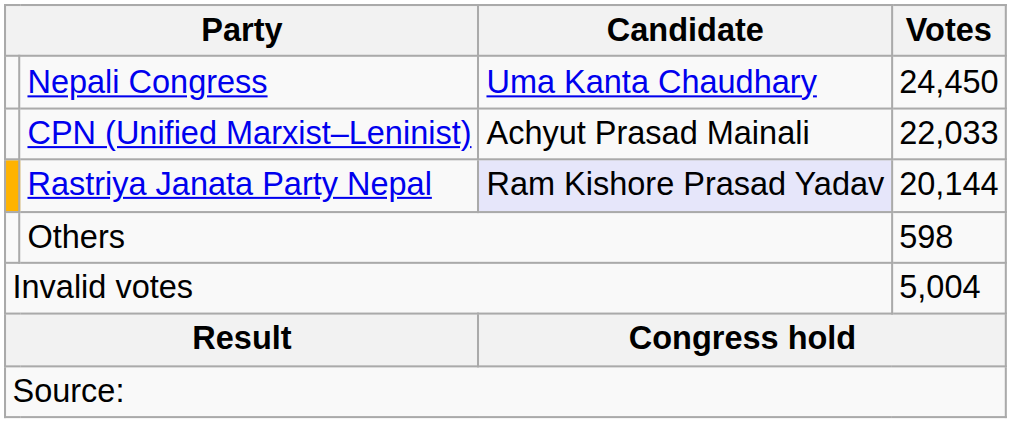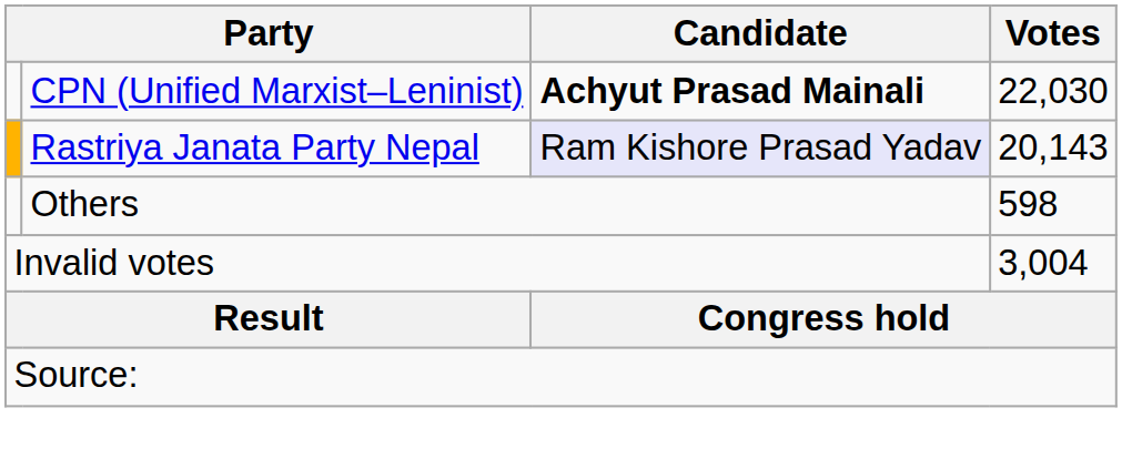 <table class="wikitable">
 <tr>
 <th colspan="2">Party</th>
 <th>Candidate</th>
 <th>Votes</th>
 </tr>
 <tr>
 <td style="background-color:"></td>
-<td><a href='#'>Nepali Congress</a></td>
-<td><a href='#'>Uma Kanta Chaudhary</a></td>
-<td>24,450</td>
-</tr>
-<tr>
-<td style="background-color:"></td>
 <td><a href='#'>CPN (Unified Marxist–Leninist)</a></td>
-<td>Achyut Prasad Mainali</td>
-<td>22,033</td>
+<td><strong>Achyut Prasad Mainali</strong></td>
+<td>22,030</td>
 </tr>
 <tr>
 <td style="background-color:#ffb300"></td>
 <td><a href='#'>Rastriya Janata Party Nepal</a></td>
 <td style="background: lavender;">Ram Kishore Prasad Yadav</td>
-<td>20,144</td>
+<td>20,143</td>
 </tr>
 <tr>
 <td></td>
 <td colspan="2">Others</td>
 <td>598</td>
 </tr>
 <tr>
 <td colspan="3">Invalid votes</td>
-<td>5,004</td>
+<td>3,004</td>
 </tr>
 <tr>
 <th colspan="2">Result</th>
 <th colspan="2">Congress hold</th>
 </tr>
 <tr>
 <td colspan="4">Source: </td>
 </tr>
 </table>
